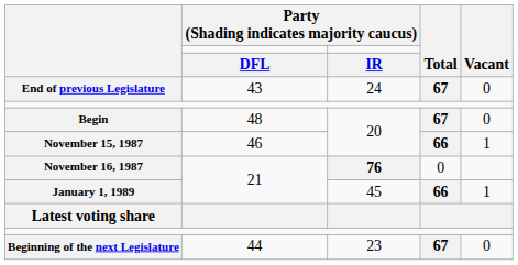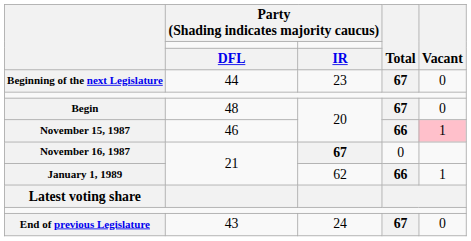 <table class=wikitable style="text-align:center">
 <tr style="vertical-align:bottom;">
 <th rowspan=3></th>
 <th colspan=2>Party <div>(Shading indicates majority caucus)</div></th>
 <th rowspan=3>Total</th>
 <th rowspan=3>Vacant</th>
 </tr>
 <tr style="height:5px">
 <td style="background-color:"></td>
 <td style="background-color:"></td>
 </tr>
 <tr>
 <th><a href='#'>DFL</a></th>
 <th><a href='#'>IR</a></th>
 </tr>
 <tr>
-<th style="white-space:nowrap; font-size:80%;">End of <a href='#'>previous Legislature</a></th>
-<td>43</td>
-<td>24</td>
+<th style="white-space:nowrap; font-size:80%;">Beginning of the <a href='#'>next Legislature</a></th>
+<td>44</td>
+<td>23</td>
 <th>67</th>
 <td>0</td>
 </tr>
 <tr>
 <td colspan=5></td>
 </tr>
 <tr>
 <th style="font-size:80%">Begin</th>
 <td>48</td>
 <td rowspan="2">20</td>
 <th>67</th>
 <td>0</td>
 </tr>
 <tr>
 <th style="font-size:80%">November 15, 1987 </th>
 <td>46</td>
 <th>66</th>
-<td>1</td>
+<td style="background: pink;">1</td>
 </tr>
 <tr>
 <th style="font-size:80%">November 16, 1987 </th>
 <td rowspan="2">21</td>
-<th>76</th>
+<th>67</th>
 <td>0</td>
 </tr>
 <tr>
 <th style="font-size:80%">January 1, 1989 </th>
-<td>45</td>
+<td>62</td>
 <th>66</th>
 <td>1</td>
 </tr>
 <tr>
 <th>Latest voting share</th>
 <th></th>
 <th></th>
 <th colspan=2></th>
 </tr>
 <tr>
 <td colspan=5></td>
 </tr>
 <tr>
-<th style="white-space:nowrap; font-size:80%;">Beginning of the <a href='#'>next Legislature</a></th>
-<td>44</td>
-<td>23</td>
+<th style="white-space:nowrap; font-size:80%;">End of <a href='#'>previous Legislature</a></th>
+<td>43</td>
+<td>24</td>
 <th>67</th>
 <td>0</td>
 </tr>
 </table>
